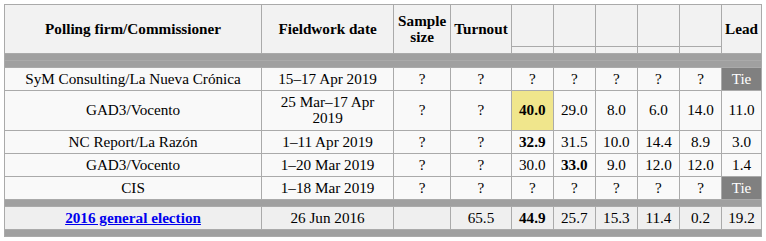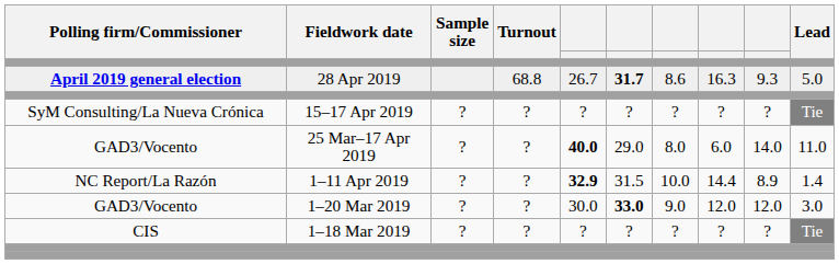 <table class="wikitable collapsible collapsed" style="text-align:center; font-size:95%; line-height:16px;">
 <tr style="height:42px;">
 <th style="width:250px;" rowspan="2">Polling firm/Commissioner</th>
 <th style="width:125px;" rowspan="2">Fieldwork date</th>
 <th style="width:50px;" rowspan="2">Sample size</th>
 <th style="width:45px;" rowspan="2">Turnout</th>
 <th style="width:35px;"></th>
 <th style="width:35px;"></th>
 <th style="width:35px;"></th>
 <th style="width:35px;"></th>
 <th style="width:35px;"></th>
 <th style="width:30px;" rowspan="2">Lead</th>
 </tr>
 <tr>
 <th style="color:inherit;background:"></th>
 <th style="color:inherit;background:"></th>
 <th style="color:inherit;background:"></th>
 <th style="color:inherit;background:"></th>
 <th style="color:inherit;background:"></th>
 </tr>
 <tr>
 <td colspan="10" style="background:#A0A0A0"></td>
 </tr>
+<tr style="background:#EFEFEF;">
+<td><strong><a href='#'>April 2019 general election</a></strong></td>
+<td>28 Apr 2019</td>
+<td></td>
+<td>68.8</td>
+<td>26.7<br></td>
+<td><strong>31.7</strong><br></td>
+<td>8.6<br></td>
+<td>16.3<br></td>
+<td>9.3<br></td>
+<td style="background:">5.0</td>
+</tr>
 <tr>
 <td colspan="10" style="background:#A0A0A0"></td>
 </tr>
 <tr>
 <td>SyM Consulting/La Nueva Crónica</td>
 <td>15–17 Apr 2019</td>
 <td>?</td>
 <td>?</td>
 <td>?<br></td>
 <td>?<br></td>
 <td>?<br></td>
 <td>?<br></td>
 <td>?<br></td>
 <td style="background:gray;color:white;">Tie</td>
 </tr>
 <tr>
 <td>GAD3/Vocento</td>
 <td>25 Mar–17 Apr 2019</td>
 <td>?</td>
 <td>?</td>
-<td style="background: khaki;"><strong>40.0</strong><br></td>
+<td><strong>40.0</strong><br></td>
 <td>29.0<br></td>
 <td>8.0<br></td>
 <td>6.0<br></td>
 <td>14.0<br></td>
 <td style="background:">11.0</td>
 </tr>
 <tr>
 <td>NC Report/La Razón</td>
 <td>1–11 Apr 2019</td>
 <td>?</td>
 <td>?</td>
 <td><strong>32.9</strong><br></td>
 <td>31.5<br></td>
 <td>10.0<br></td>
 <td>14.4<br></td>
 <td>8.9<br></td>
-<td style="background:">3.0</td>
+<td style="background:">1.4</td>
 </tr>
 <tr>
 <td>GAD3/Vocento</td>
 <td>1–20 Mar 2019</td>
 <td>?</td>
 <td>?</td>
 <td>30.0<br></td>
 <td><strong>33.0</strong><br></td>
 <td>9.0<br></td>
 <td>12.0<br></td>
 <td>12.0<br></td>
-<td style="background:">1.4</td>
+<td style="background:">3.0</td>
 </tr>
 <tr>
 <td>CIS</td>
 <td>1–18 Mar 2019</td>
 <td>?</td>
 <td>?</td>
 <td>?<br></td>
 <td>?<br></td>
 <td>?<br></td>
 <td>?<br></td>
 <td>?<br></td>
 <td style="background:gray;color:white;">Tie</td>
 </tr>
 <tr>
 <td colspan="10" style="background:#A0A0A0"></td>
 </tr>
-<tr style="background:#EFEFEF;">
-<td><strong><a href='#'>2016 general election</a></strong></td>
-<td>26 Jun 2016</td>
-<td></td>
-<td>65.5</td>
-<td><strong>44.9</strong><br></td>
-<td>25.7<br></td>
-<td>15.3<br></td>
-<td>11.4<br></td>
-<td>0.2<br></td>
-<td style="background:">19.2</td>
-</tr>
 <tr>
 <td colspan="10" style="background:#A0A0A0"></td>
 </tr>
 </table>
